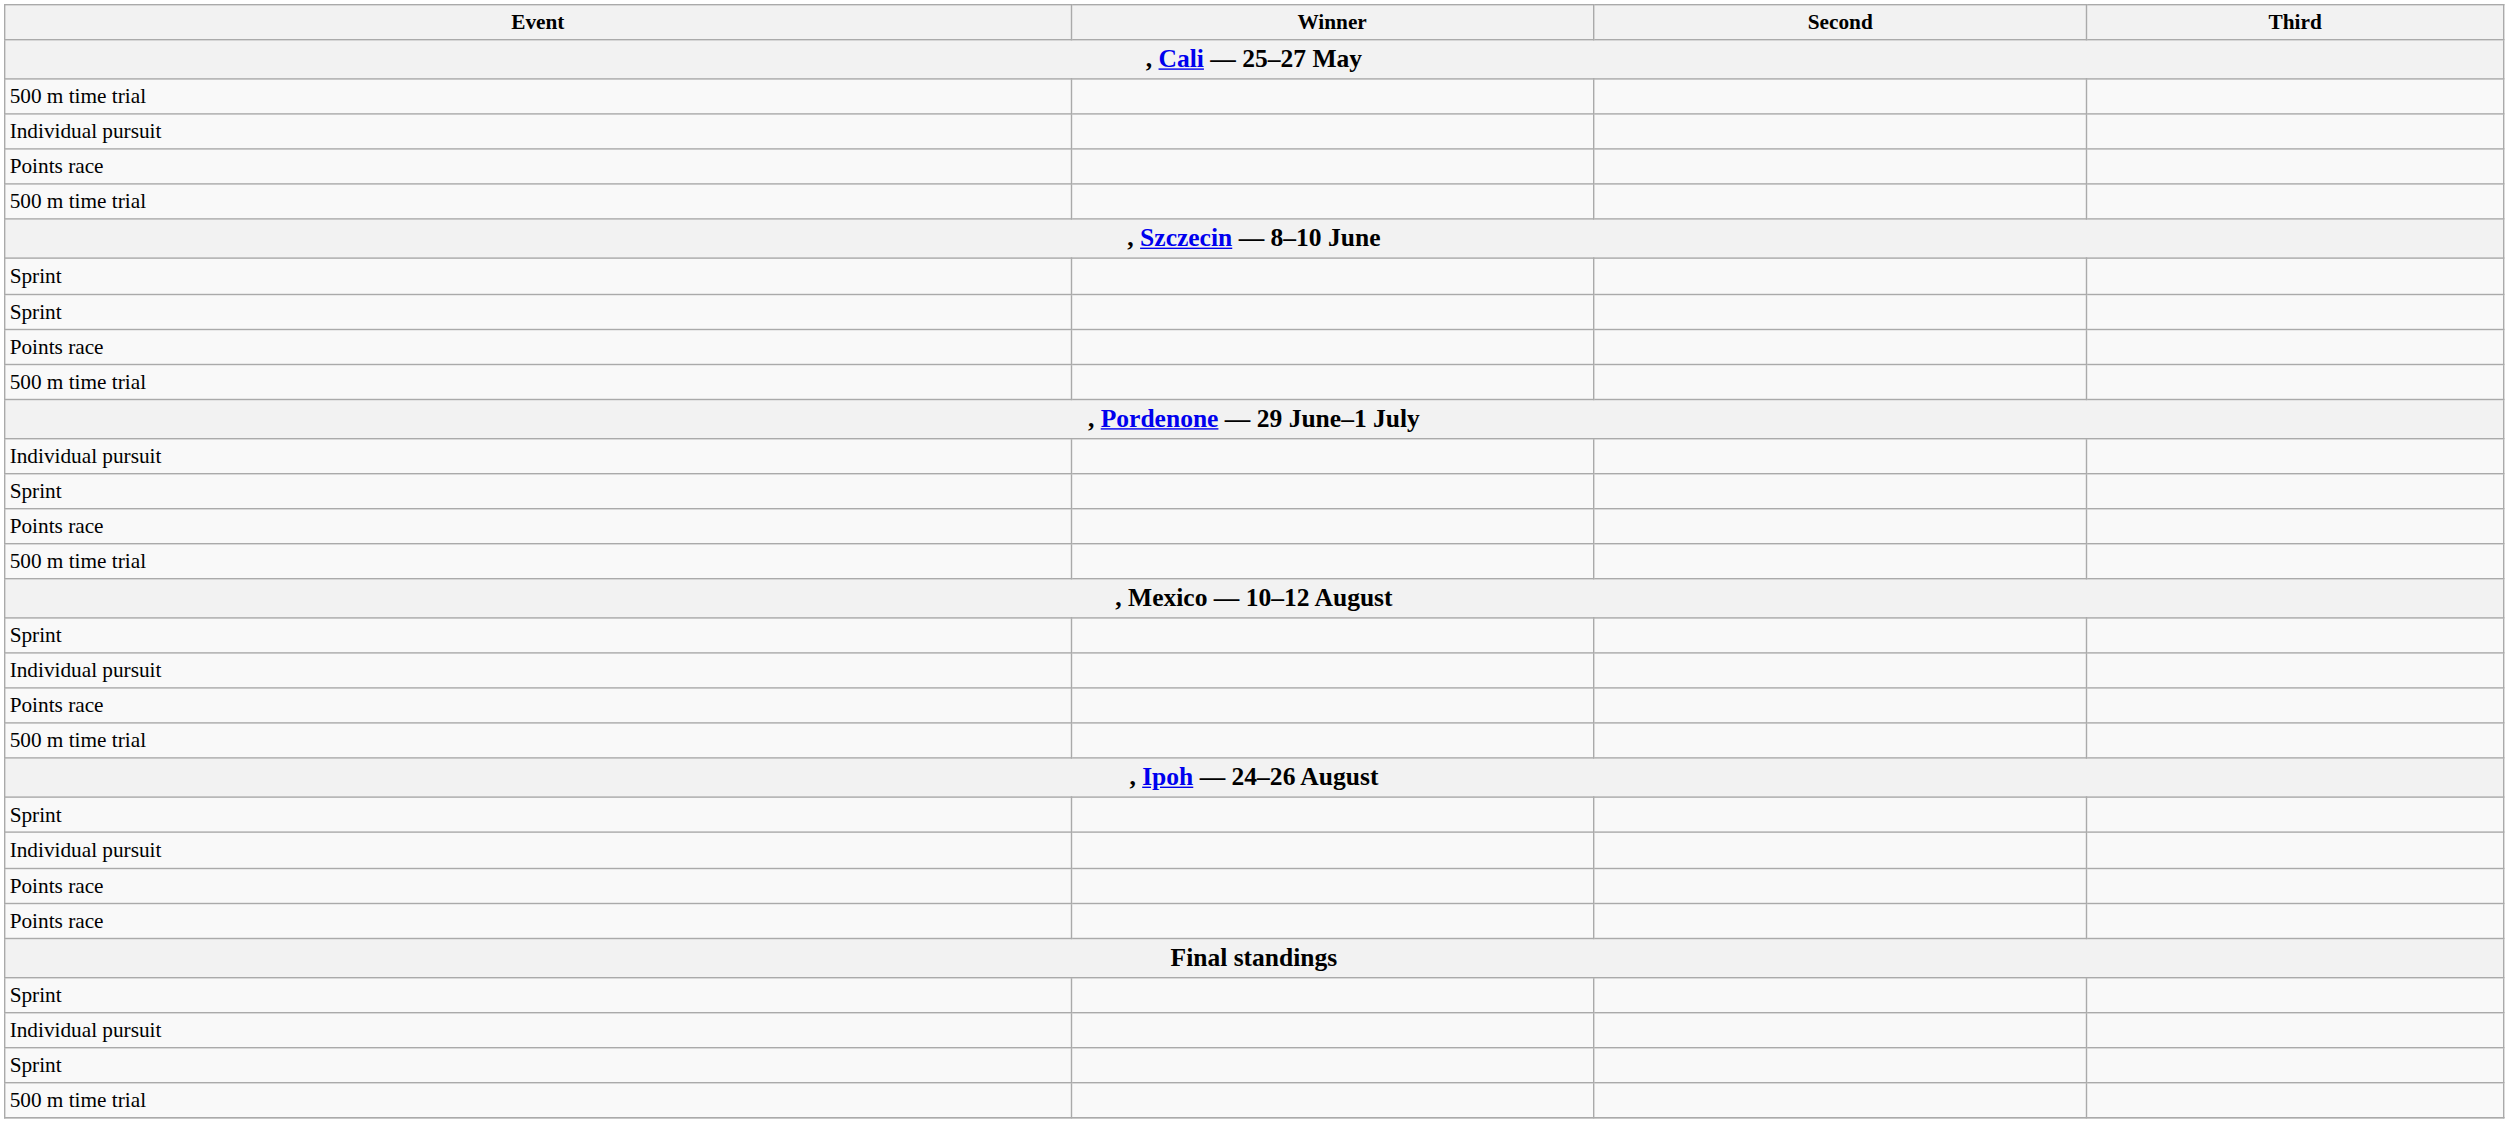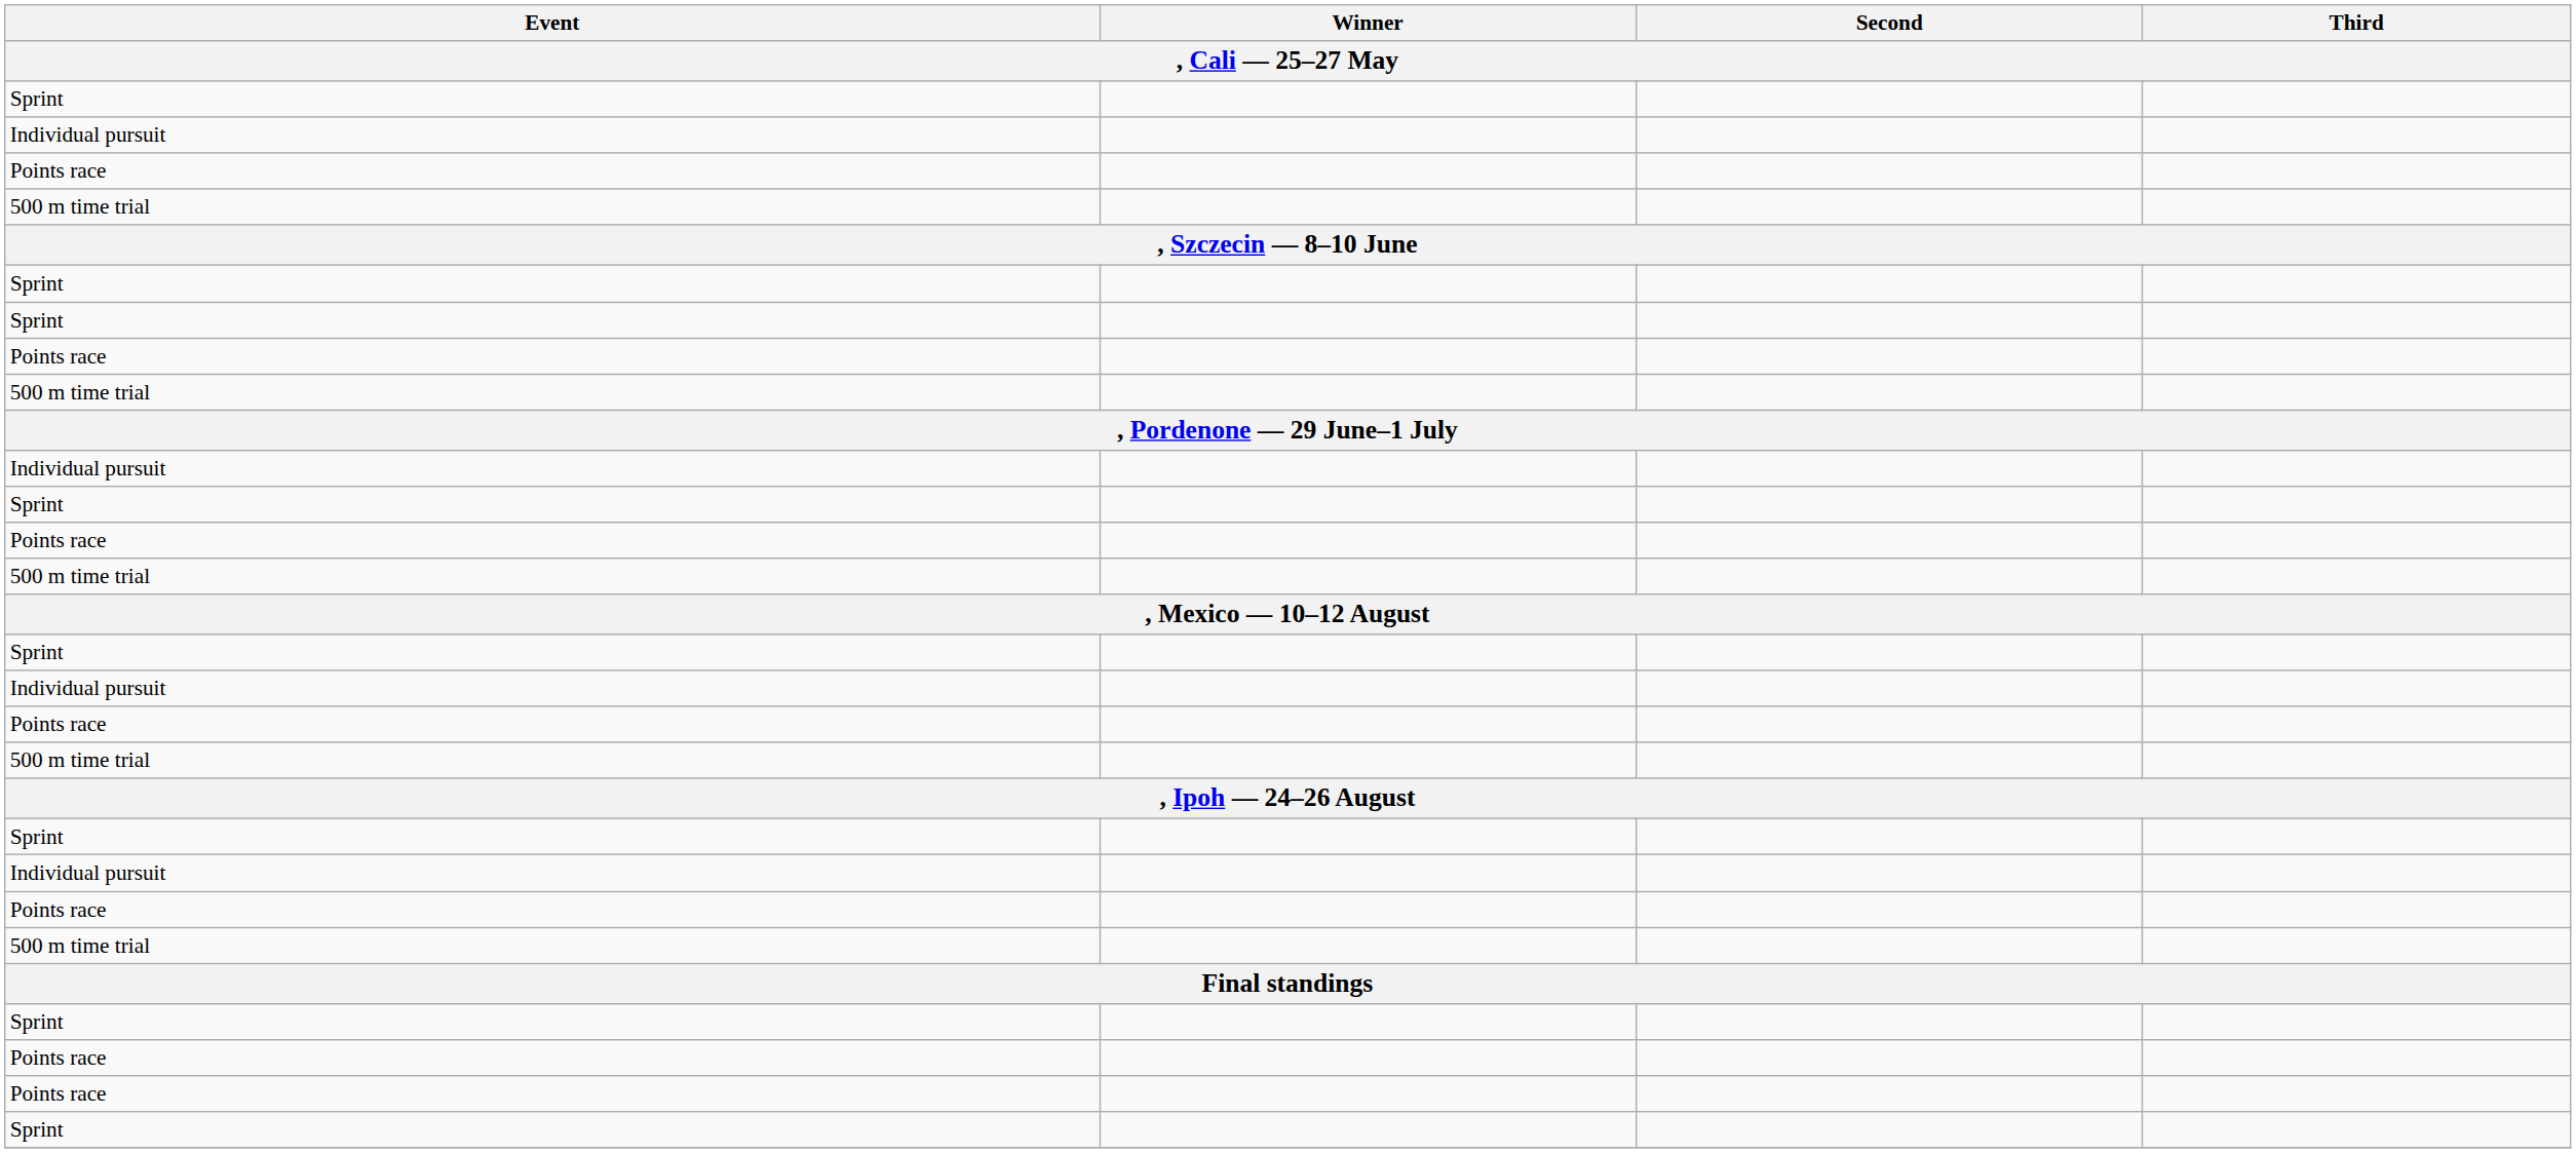 <table class=wikitable style="font-size:95%" width="90%">
 <tr>
 <th>Event</th>
 <th>Winner</th>
 <th>Second</th>
 <th>Third</th>
 </tr>
 <tr>
 <th colspan=4><big>, <a href='#'>Cali</a> — 25–27 May</big></th>
 </tr>
 <tr>
-<td>500 m time trial</td>
+<td>Sprint</td>
 <td></td>
 <td></td>
 <td></td>
 </tr>
 <tr>
 <td>Individual pursuit</td>
 <td></td>
 <td></td>
 <td></td>
 </tr>
 <tr>
 <td>Points race</td>
 <td></td>
 <td></td>
 <td></td>
 </tr>
 <tr>
 <td>500 m time trial</td>
 <td></td>
 <td></td>
 <td></td>
 </tr>
 <tr>
 <th colspan=4><big>, <a href='#'>Szczecin</a> — 8–10 June</big></th>
 </tr>
 <tr>
 <td>Sprint</td>
 <td></td>
 <td></td>
 <td></td>
 </tr>
 <tr>
 <td>Sprint</td>
 <td></td>
 <td></td>
 <td></td>
 </tr>
 <tr>
 <td>Points race</td>
 <td></td>
 <td></td>
 <td></td>
 </tr>
 <tr>
 <td>500 m time trial</td>
 <td></td>
 <td></td>
 <td></td>
 </tr>
 <tr>
 <th colspan=4><big>, <a href='#'>Pordenone</a> — 29 June–1 July</big></th>
 </tr>
 <tr>
 <td>Individual pursuit</td>
 <td></td>
 <td></td>
 <td></td>
 </tr>
 <tr>
 <td>Sprint</td>
 <td></td>
 <td></td>
 <td></td>
 </tr>
 <tr>
 <td>Points race</td>
 <td></td>
 <td></td>
 <td></td>
 </tr>
 <tr>
 <td>500 m time trial</td>
 <td></td>
 <td></td>
 <td></td>
 </tr>
 <tr>
 <th colspan=4><big>, Mexico — 10–12 August</big></th>
 </tr>
 <tr>
 <td>Sprint</td>
 <td></td>
 <td></td>
 <td></td>
 </tr>
 <tr>
 <td>Individual pursuit</td>
 <td></td>
 <td></td>
 <td></td>
 </tr>
 <tr>
 <td>Points race</td>
 <td></td>
 <td></td>
 <td></td>
 </tr>
 <tr>
 <td>500 m time trial</td>
 <td></td>
 <td></td>
 <td></td>
 </tr>
 <tr>
 <th colspan=4><big>, <a href='#'>Ipoh</a> — 24–26 August</big></th>
 </tr>
 <tr>
 <td>Sprint</td>
 <td></td>
 <td></td>
 <td></td>
 </tr>
 <tr>
 <td>Individual pursuit</td>
 <td></td>
 <td></td>
 <td></td>
 </tr>
 <tr>
 <td>Points race</td>
 <td></td>
 <td></td>
 <td></td>
 </tr>
 <tr>
-<td>Points race</td>
+<td>500 m time trial</td>
 <td></td>
 <td></td>
 <td></td>
 </tr>
 <tr>
 <th colspan=4><big>Final standings</big></th>
 </tr>
 <tr>
 <td>Sprint</td>
 <td></td>
 <td></td>
 <td></td>
 </tr>
 <tr>
-<td>Individual pursuit</td>
+<td>Points race</td>
+<td></td>
+<td></td>
+<td></td>
+</tr>
+<tr>
+<td>Points race</td>
 <td></td>
 <td></td>
 <td></td>
 </tr>
 <tr>
 <td>Sprint</td>
 <td></td>
 <td></td>
 <td></td>
 </tr>
 <tr>
-<td>500 m time trial</td>
-<td></td>
-<td></td>
-<td></td>
-</tr>
-<tr>
 </tr>
 </table>
